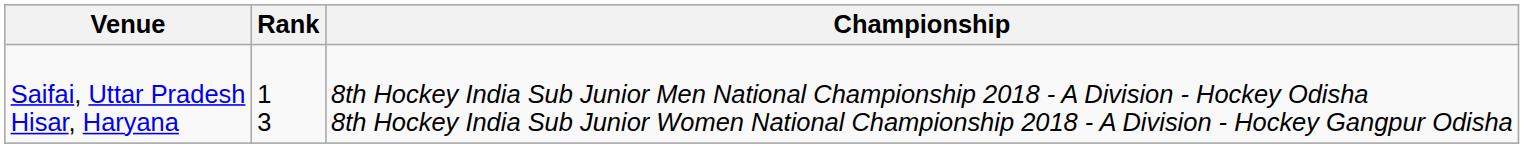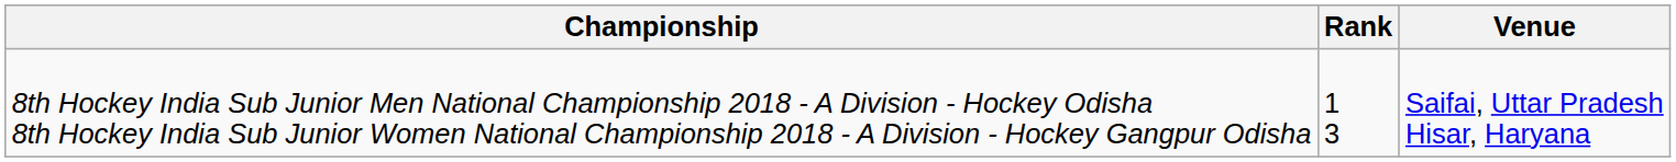 <table class="wikitable" style="text-align: left;">
 <tr>
+<th>Championship</th>
+<th>Rank</th>
 <th>Venue</th>
-<th>Rank</th>
-<th>Championship</th>
 </tr>
 <tr>
+<td><br><em>8th Hockey India Sub Junior Men National Championship 2018 - A Division - Hockey Odisha</em> <br> <em>8th Hockey India Sub Junior Women National Championship 2018 - A Division - Hockey Gangpur Odisha</em> <br></td>
+<td><div><br>1 <br> 3</div></td>
 <td><br><a href='#'>Saifai</a>, <a href='#'>Uttar Pradesh</a><br> <a href='#'>Hisar</a>, <a href='#'>Haryana</a></td>
-<td><div><br>1 <br> 3</div></td>
-<td><br><em>8th Hockey India Sub Junior Men National Championship 2018 - A Division - Hockey Odisha</em> <br> <em>8th Hockey India Sub Junior Women National Championship 2018 - A Division - Hockey Gangpur Odisha</em> <br></td>
 </tr>
 </table>
